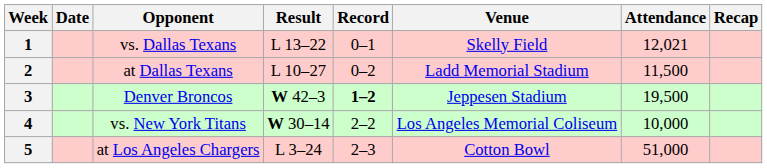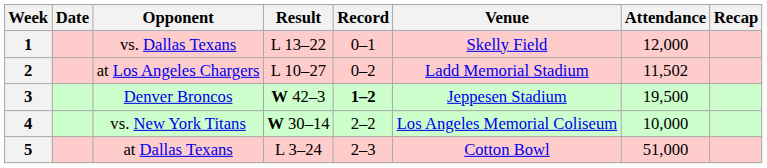 <table class="wikitable" style="text-align:center">
 <tr>
 <th>Week</th>
 <th>Date</th>
 <th>Opponent</th>
 <th>Result</th>
 <th>Record</th>
 <th>Venue</th>
 <th>Attendance</th>
 <th>Recap</th>
 </tr>
 <tr style="background:#fcc">
 <th>1</th>
 <td></td>
 <td>vs. <a href='#'>Dallas Texans</a></td>
 <td>L 13–22</td>
 <td>0–1</td>
 <td><a href='#'>Skelly Field</a></td>
-<td>12,021</td>
+<td>12,000</td>
 <td></td>
 </tr>
 <tr style="background:#fcc">
 <th>2</th>
 <td></td>
-<td>at <a href='#'>Dallas Texans</a></td>
+<td>at <a href='#'>Los Angeles Chargers</a></td>
 <td>L 10–27</td>
 <td>0–2</td>
 <td><a href='#'>Ladd Memorial Stadium</a></td>
-<td>11,500</td>
+<td>11,502</td>
 <td></td>
 </tr>
 <tr style="background:#cfc">
 <th>3</th>
 <td></td>
 <td><a href='#'>Denver Broncos</a></td>
 <td><strong>W</strong> 42–3</td>
 <td><strong>1–2</strong></td>
 <td><a href='#'>Jeppesen Stadium</a></td>
 <td>19,500</td>
 <td></td>
 </tr>
 <tr style="background:#cfc">
 <th>4</th>
 <td></td>
 <td>vs. <a href='#'>New York Titans</a></td>
 <td><strong>W</strong> 30–14</td>
 <td>2–2</td>
 <td><a href='#'>Los Angeles Memorial Coliseum</a></td>
 <td>10,000</td>
 <td></td>
 </tr>
 <tr style="background:#fcc">
 <th>5</th>
 <td></td>
-<td>at <a href='#'>Los Angeles Chargers</a></td>
+<td>at <a href='#'>Dallas Texans</a></td>
 <td>L 3–24</td>
 <td>2–3</td>
 <td><a href='#'>Cotton Bowl</a></td>
 <td>51,000</td>
 <td></td>
 </tr>
 </table>
